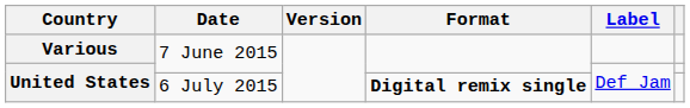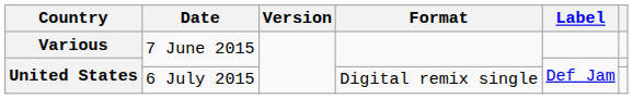 <table class="wikitable plainrowheaders">
 <tr>
 <th scope="col">Country</th>
 <th scope="col">Date</th>
 <th scope="col">Version</th>
 <th scope="col">Format</th>
 <th scope="col"><a href='#'>Label</a></th>
 <th scope="col"></th>
 </tr>
 <tr>
 <th scope="row">Various</th>
 <td rowspan="2">7 June 2015</td>
 <td rowspan="3"></td>
 <td rowspan="2"></td>
 <td></td>
 <td></td>
 </tr>
 <tr>
 <th scope="row" rowspan="2">United States</th>
 <td rowspan="2"><a href='#'>Def Jam</a></td>
 <td></td>
 </tr>
 <tr>
 <td>6 July 2015</td>
-<td><strong>Digital remix single</strong></td>
+<td>Digital remix single</td>
 <td></td>
 </tr>
 </table>
